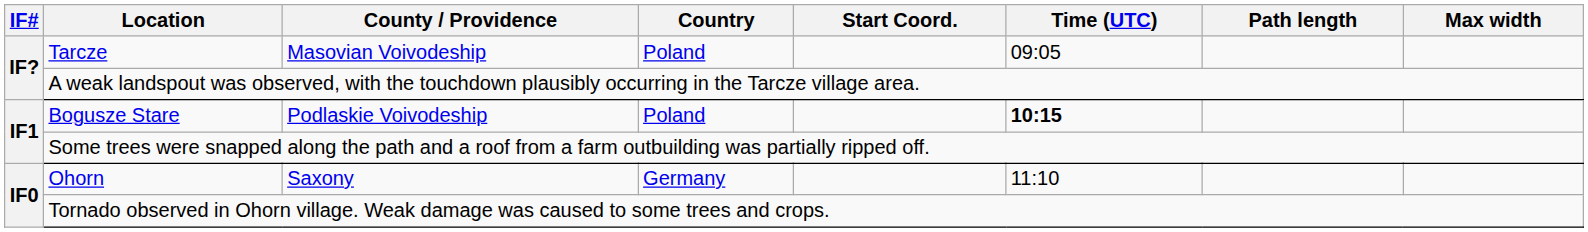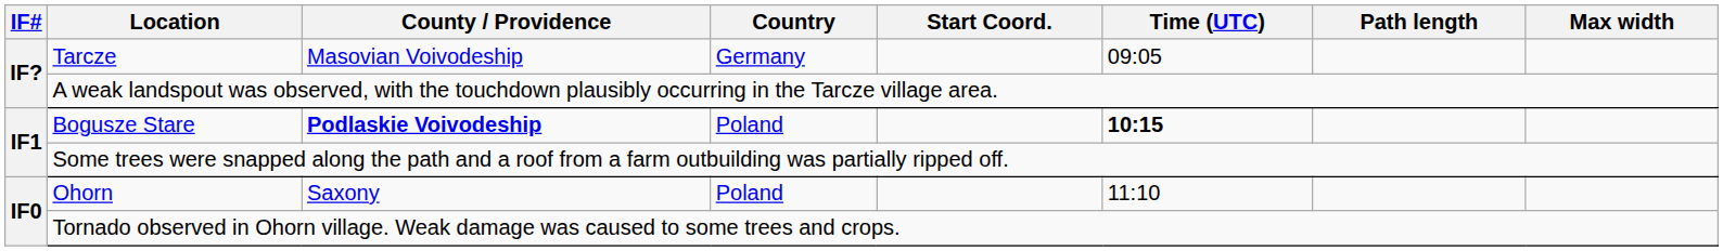 <table class="wikitable sortable" style="width:100%;">
 <tr>
 <th scope="col" width="2%" align="center"><a href='#'>IF#</a></th>
 <th scope="col" align="center" class="unsortable">Location</th>
 <th scope="col" align="center" class="unsortable">County / Providence</th>
 <th scope="col" align="center">Country</th>
 <th scope="col" align="center">Start Coord.</th>
 <th scope="col" align="center">Time (<a href='#'>UTC</a>)</th>
 <th scope="col" align="center">Path length</th>
 <th scope="col" align="center">Max width</th>
 </tr>
 <tr>
 <th scope="row" rowspan="2" style="background-color:#">IF?</th>
 <td><a href='#'>Tarcze</a></td>
 <td><a href='#'>Masovian Voivodeship</a></td>
-<td><a href='#'>Poland</a></td>
+<td><a href='#'>Germany</a></td>
 <td></td>
 <td>09:05</td>
 <td></td>
 <td></td>
 </tr>
 <tr class="expand-child">
 <td colspan="8" style=" border-bottom: 1px solid black ">A weak landspout was observed, with the touchdown plausibly occurring in the Tarcze village area.</td>
 </tr>
 <tr>
 <th scope="row" rowspan="2" style="background-color:#">IF1</th>
 <td><a href='#'>Bogusze Stare</a></td>
-<td><a href='#'>Podlaskie Voivodeship</a></td>
+<td><strong><a href='#'>Podlaskie Voivodeship</a></strong></td>
 <td><a href='#'>Poland</a></td>
 <td></td>
 <td><strong>10:15</strong></td>
 <td></td>
 <td></td>
 </tr>
 <tr class="expand-child">
 <td colspan="8" style=" border-bottom: 1px solid black;">Some trees were snapped along the path and a roof from a farm outbuilding was partially ripped off.</td>
 </tr>
 <tr>
 <th scope="row" rowspan="2" style="background-color:#">IF0</th>
 <td><a href='#'>Ohorn</a></td>
 <td><a href='#'>Saxony</a></td>
-<td><a href='#'>Germany</a></td>
+<td><a href='#'>Poland</a></td>
 <td></td>
 <td>11:10</td>
 <td></td>
 <td></td>
 </tr>
 <tr class="expand-child">
 <td colspan="8" style=" border-bottom: 1px solid black;">Tornado observed in Ohorn village. Weak damage was caused to some trees and crops.</td>
 </tr>
 </table>
